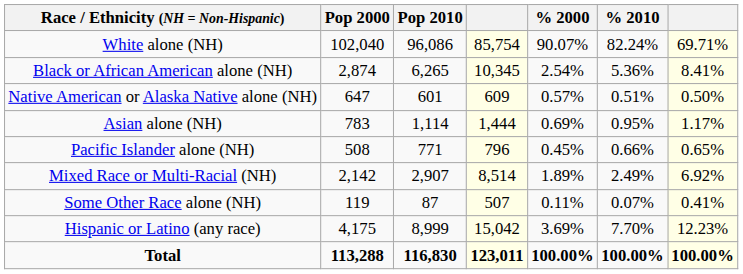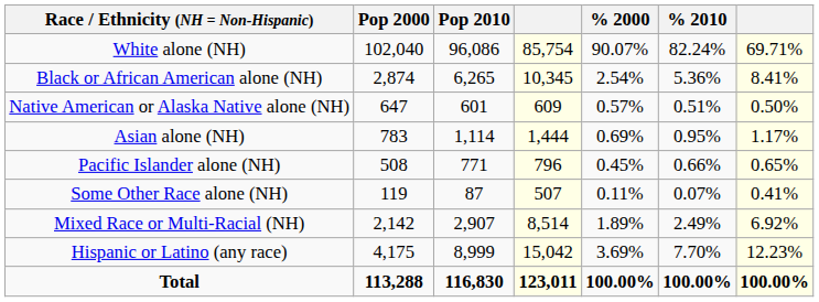 <table class="wikitable" style="text-align:center;">
 <tr>
 <th>Race / Ethnicity <small>(<em>NH = Non-Hispanic</em>)</small></th>
 <th>Pop 2000</th>
 <th>Pop 2010</th>
 <th></th>
 <th>% 2000</th>
 <th>% 2010</th>
 <th></th>
 </tr>
 <tr>
 <td><a href='#'>White</a> alone (NH)</td>
 <td>102,040</td>
 <td>96,086</td>
 <td style='background: #ffffe6;'>85,754</td>
 <td>90.07%</td>
 <td>82.24%</td>
 <td style='background: #ffffe6;'>69.71%</td>
 </tr>
 <tr>
 <td><a href='#'>Black or African American</a> alone (NH)</td>
 <td>2,874</td>
 <td>6,265</td>
 <td style='background: #ffffe6;'>10,345</td>
 <td>2.54%</td>
 <td>5.36%</td>
 <td style='background: #ffffe6;'>8.41%</td>
 </tr>
 <tr>
 <td><a href='#'>Native American</a> or <a href='#'>Alaska Native</a> alone (NH)</td>
 <td>647</td>
 <td>601</td>
 <td style='background: #ffffe6;'>609</td>
 <td>0.57%</td>
 <td>0.51%</td>
 <td style='background: #ffffe6;'>0.50%</td>
 </tr>
 <tr>
 <td><a href='#'>Asian</a> alone (NH)</td>
 <td>783</td>
 <td>1,114</td>
 <td style='background: #ffffe6;'>1,444</td>
 <td>0.69%</td>
 <td>0.95%</td>
 <td style='background: #ffffe6;'>1.17%</td>
 </tr>
 <tr>
 <td><a href='#'>Pacific Islander</a> alone (NH)</td>
 <td>508</td>
 <td>771</td>
 <td style='background: #ffffe6;'>796</td>
 <td>0.45%</td>
 <td>0.66%</td>
 <td style='background: #ffffe6;'>0.65%</td>
 </tr>
 <tr>
+<td><a href='#'>Some Other Race</a> alone (NH)</td>
+<td>119</td>
+<td>87</td>
+<td style='background: #ffffe6;'>507</td>
+<td>0.11%</td>
+<td>0.07%</td>
+<td style='background: #ffffe6;'>0.41%</td>
+</tr>
+<tr>
 <td><a href='#'>Mixed Race or Multi-Racial</a> (NH)</td>
 <td>2,142</td>
 <td>2,907</td>
 <td style='background: #ffffe6;'>8,514</td>
 <td>1.89%</td>
 <td>2.49%</td>
 <td style='background: #ffffe6;'>6.92%</td>
-</tr>
-<tr>
-<td><a href='#'>Some Other Race</a> alone (NH)</td>
-<td>119</td>
-<td>87</td>
-<td style='background: #ffffe6;'>507</td>
-<td>0.11%</td>
-<td>0.07%</td>
-<td style='background: #ffffe6;'>0.41%</td>
 </tr>
 <tr>
 <td><a href='#'>Hispanic or Latino</a> (any race)</td>
 <td>4,175</td>
 <td>8,999</td>
 <td style='background: #ffffe6;'>15,042</td>
 <td>3.69%</td>
 <td>7.70%</td>
 <td style='background: #ffffe6;'>12.23%</td>
 </tr>
 <tr>
 <td><strong>Total</strong></td>
 <td><strong>113,288</strong></td>
 <td><strong>116,830</strong></td>
 <td style='background: #ffffe6;'><strong>123,011</strong></td>
 <td><strong>100.00%</strong></td>
 <td><strong>100.00%</strong></td>
 <td style='background: #ffffe6;'><strong>100.00%</strong></td>
 </tr>
 </table>
